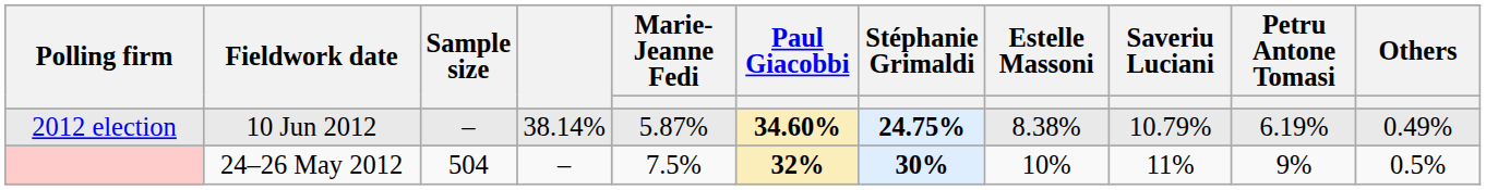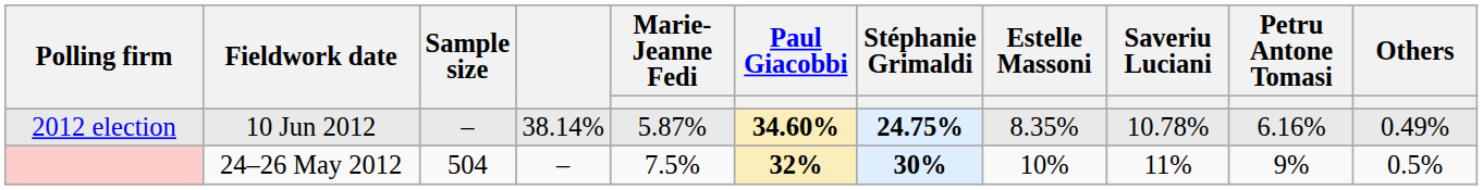 <table class="wikitable sortable" style="text-align:center;font-size:90%;line-height:14px;">
 <tr style="height:40px;">
 <th style="width:100px;" rowspan="2">Polling firm</th>
 <th style="width:110px;" rowspan="2">Fieldwork date</th>
 <th style="width:35px;" rowspan="2">Sample<br>size</th>
 <th style="width:30px;" rowspan="2"></th>
 <th class="unsortable" style="width:60px;">Marie-Jeanne Fedi<br></th>
 <th class="unsortable" style="width:60px;"><a href='#'>Paul Giacobbi</a><br></th>
 <th class="unsortable" style="width:60px;">Stéphanie Grimaldi<br></th>
 <th class="unsortable" style="width:60px;">Estelle Massoni<br></th>
 <th class="unsortable" style="width:60px;">Saveriu Luciani<br></th>
 <th class="unsortable" style="width:60px;">Petru Antone Tomasi<br></th>
 <th class="unsortable" style="width:60px;">Others</th>
 </tr>
 <tr>
 <th style="background:"></th>
 <th style="background:"></th>
 <th style="background:"></th>
 <th style="background:"></th>
 <th style="background:"></th>
 <th style="background:"></th>
 <th style="background:"></th>
 </tr>
 <tr style="background:#E9E9E9;">
 <td><a href='#'>2012 election</a></td>
 <td data-sort-value="2012-06-10">10 Jun 2012</td>
 <td>–</td>
 <td>38.14%</td>
 <td>5.87%</td>
 <td style="background:#FBEEBA;"><strong>34.60%</strong></td>
 <td style="background:#DFEEFF;"><strong>24.75%</strong></td>
-<td>8.38%</td>
-<td>10.79%</td>
-<td>6.19%</td>
+<td>8.35%</td>
+<td>10.78%</td>
+<td>6.16%</td>
 <td>0.49%</td>
 </tr>
 <tr>
 <td style="background:#FFCCCC;"></td>
 <td data-sort-value="2012-05-26">24–26 May 2012</td>
 <td>504</td>
 <td>–</td>
 <td>7.5%</td>
 <td style="background:#FBEEBA;"><strong>32%</strong></td>
 <td style="background:#DFEEFF;"><strong>30%</strong></td>
 <td>10%</td>
 <td>11%</td>
 <td>9%</td>
 <td>0.5%</td>
 </tr>
 </table>
